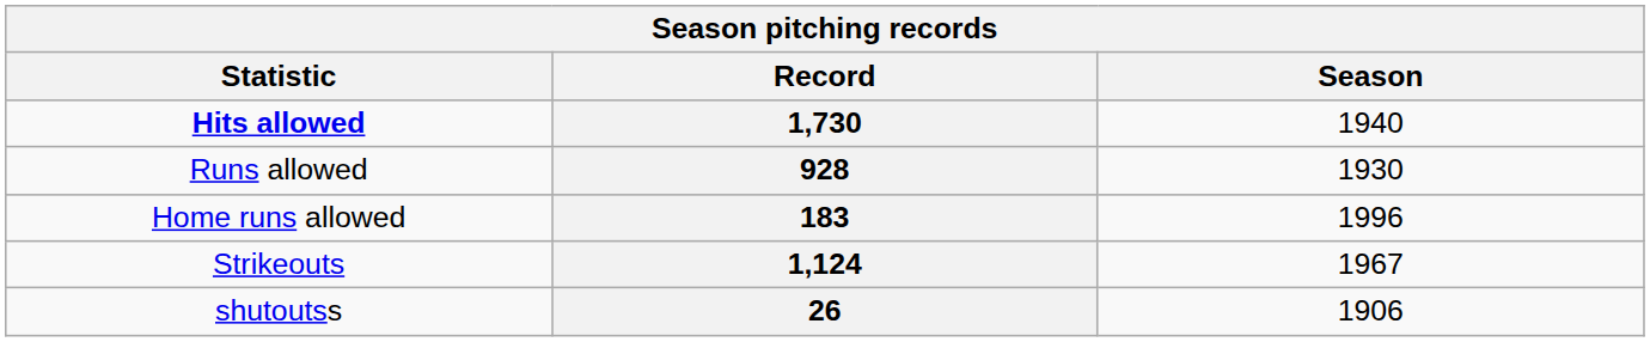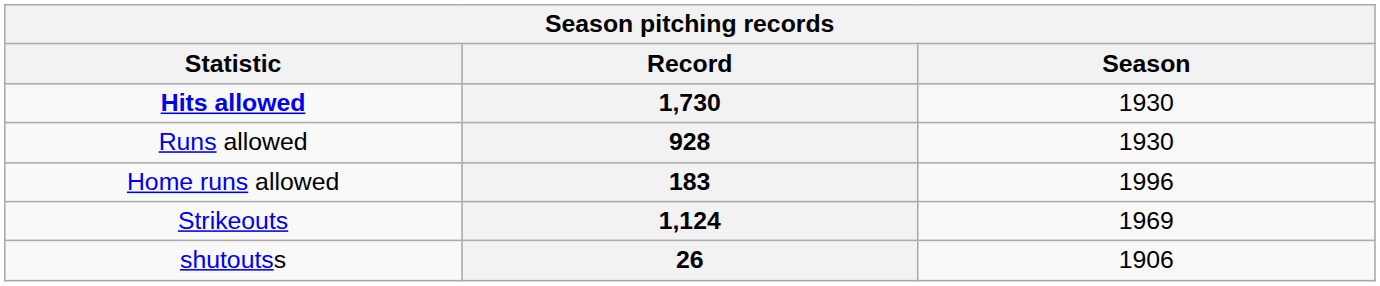 <table class="wikitable sortable" style="text-align:center" width="70%">
 <tr>
 <th colspan=5>Season pitching records</th>
 </tr>
 <tr>
 <th scope="col" width=20%>Statistic</th>
 <th scope="col" class="unsortable" width=20%>Record</th>
 <th scope="col" width=20%>Season</th>
 </tr>
 <tr>
 <td><strong><a href='#'>Hits allowed</a></strong></td>
 <th scope="row">1,730</th>
-<td>1940</td>
+<td>1930</td>
 </tr>
 <tr>
 <td><a href='#'>Runs</a> allowed</td>
 <th scope="row">928</th>
 <td>1930</td>
 </tr>
 <tr>
 <td><a href='#'>Home runs</a> allowed</td>
 <th scope="row">183</th>
 <td>1996</td>
 </tr>
 <tr>
 <td><a href='#'>Strikeouts</a></td>
 <th scope="row">1,124</th>
-<td>1967</td>
+<td>1969</td>
 </tr>
 <tr>
 <td><a href='#'>shutouts</a>s</td>
 <th scope="row">26</th>
 <td>1906</td>
 </tr>
 </table>
